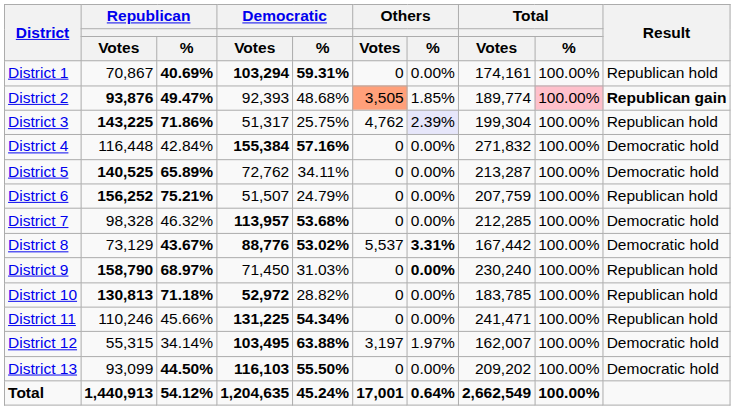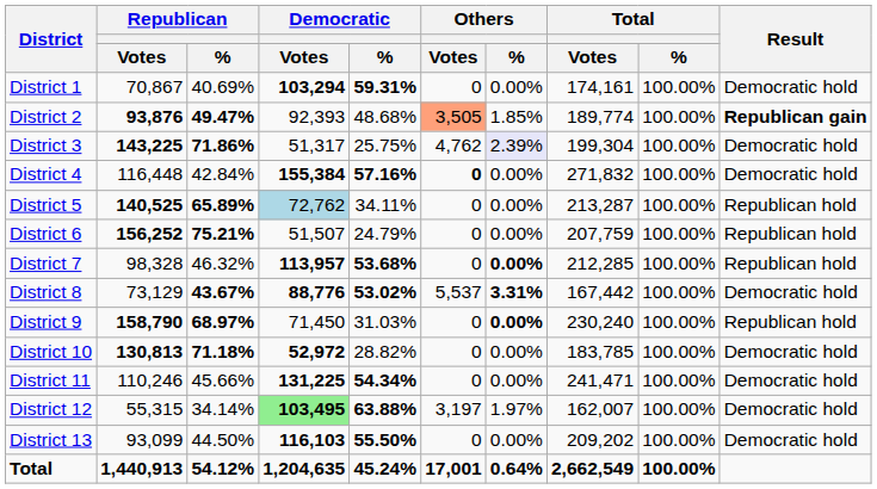 <table class="wikitable plainrowheaders sortable" style="font-size:100%; text-align:right;">
 <tr>
 <th scope=col rowspan=3><a href='#'>District</a></th>
 <th scope=col colspan=2><a href='#'>Republican</a></th>
 <th scope=col colspan=2><a href='#'>Democratic</a></th>
 <th scope=col colspan=2>Others</th>
 <th scope=col colspan=2>Total</th>
 <th scope=col rowspan=3>Result</th>
 </tr>
 <tr>
 <th scope=col colspan=2 style="background:"></th>
 <th scope=col colspan=2 style="background:"></th>
 <th scope=col colspan=2></th>
 <th scope=col colspan=2></th>
 </tr>
 <tr>
 <th scope=col data-sort-type="number">Votes</th>
 <th scope=col data-sort-type="number">%</th>
 <th scope=col data-sort-type="number">Votes</th>
 <th scope=col data-sort-type="number">%</th>
 <th scope=col data-sort-type="number">Votes</th>
 <th scope=col data-sort-type="number">%</th>
 <th scope=col data-sort-type="number">Votes</th>
 <th scope=col data-sort-type="number">%</th>
 </tr>
 <tr>
 <td align=left><a href='#'>District 1</a></td>
 <td>70,867</td>
-<td><strong>40.69%</strong></td>
+<td>40.69%</td>
 <td><strong>103,294</strong></td>
 <td><strong>59.31%</strong></td>
 <td>0</td>
 <td>0.00%</td>
 <td>174,161</td>
 <td>100.00%</td>
-<td align=left>Republican hold</td>
+<td align=left>Democratic hold</td>
 </tr>
 <tr>
 <td align=left><a href='#'>District 2</a></td>
 <td><strong>93,876</strong></td>
 <td><strong>49.47%</strong></td>
 <td>92,393</td>
 <td>48.68%</td>
 <td style="background: lightsalmon;">3,505</td>
 <td>1.85%</td>
 <td>189,774</td>
-<td style="background: pink;">100.00%</td>
+<td>100.00%</td>
 <td align=left><strong>Republican gain</strong></td>
 </tr>
 <tr>
 <td align=left><a href='#'>District 3</a></td>
 <td><strong>143,225</strong></td>
 <td><strong>71.86%</strong></td>
 <td>51,317</td>
 <td>25.75%</td>
 <td>4,762</td>
 <td style="background: lavender;">2.39%</td>
 <td>199,304</td>
 <td>100.00%</td>
-<td align=left>Republican hold</td>
+<td align=left>Democratic hold</td>
 </tr>
 <tr>
 <td align=left><a href='#'>District 4</a></td>
 <td>116,448</td>
 <td>42.84%</td>
 <td><strong>155,384</strong></td>
 <td><strong>57.16%</strong></td>
-<td>0</td>
+<td><strong>0</strong></td>
 <td>0.00%</td>
 <td>271,832</td>
 <td>100.00%</td>
 <td align=left>Democratic hold</td>
 </tr>
 <tr>
 <td align=left><a href='#'>District 5</a></td>
 <td><strong>140,525</strong></td>
 <td><strong>65.89%</strong></td>
-<td>72,762</td>
+<td style="background: lightblue;">72,762</td>
 <td>34.11%</td>
 <td>0</td>
 <td>0.00%</td>
 <td>213,287</td>
 <td>100.00%</td>
-<td align=left>Democratic hold</td>
+<td align=left>Republican hold</td>
 </tr>
 <tr>
 <td align=left><a href='#'>District 6</a></td>
 <td><strong>156,252</strong></td>
 <td><strong>75.21%</strong></td>
 <td>51,507</td>
 <td>24.79%</td>
 <td>0</td>
 <td>0.00%</td>
 <td>207,759</td>
 <td>100.00%</td>
 <td align=left>Republican hold</td>
 </tr>
 <tr>
 <td align=left><a href='#'>District 7</a></td>
 <td>98,328</td>
 <td>46.32%</td>
 <td><strong>113,957</strong></td>
 <td><strong>53.68%</strong></td>
 <td>0</td>
-<td>0.00%</td>
+<td><strong>0.00%</strong></td>
 <td>212,285</td>
 <td>100.00%</td>
-<td align=left>Democratic hold</td>
+<td align=left>Republican hold</td>
 </tr>
 <tr>
 <td align=left><a href='#'>District 8</a></td>
 <td>73,129</td>
 <td><strong>43.67%</strong></td>
 <td><strong>88,776</strong></td>
 <td><strong>53.02%</strong></td>
 <td>5,537</td>
 <td><strong>3.31%</strong></td>
 <td>167,442</td>
 <td>100.00%</td>
 <td align=left>Democratic hold</td>
 </tr>
 <tr>
 <td align=left><a href='#'>District 9</a></td>
 <td><strong>158,790</strong></td>
 <td><strong>68.97%</strong></td>
 <td>71,450</td>
 <td>31.03%</td>
 <td>0</td>
 <td><strong>0.00%</strong></td>
 <td>230,240</td>
 <td>100.00%</td>
 <td align=left>Republican hold</td>
 </tr>
 <tr>
 <td align=left><a href='#'>District 10</a></td>
 <td><strong>130,813</strong></td>
 <td><strong>71.18%</strong></td>
 <td><strong>52,972</strong></td>
 <td>28.82%</td>
 <td>0</td>
 <td>0.00%</td>
 <td>183,785</td>
 <td>100.00%</td>
-<td align=left>Republican hold</td>
+<td align=left>Democratic hold</td>
 </tr>
 <tr>
 <td align=left><a href='#'>District 11</a></td>
 <td>110,246</td>
 <td>45.66%</td>
 <td><strong>131,225</strong></td>
 <td><strong>54.34%</strong></td>
 <td>0</td>
 <td>0.00%</td>
 <td>241,471</td>
 <td>100.00%</td>
-<td align=left>Republican hold</td>
+<td align=left>Democratic hold</td>
 </tr>
 <tr>
 <td align=left><a href='#'>District 12</a></td>
 <td>55,315</td>
 <td>34.14%</td>
-<td><strong>103,495</strong></td>
+<td style="background: lightgreen;"><strong>103,495</strong></td>
 <td><strong>63.88%</strong></td>
 <td>3,197</td>
 <td>1.97%</td>
 <td>162,007</td>
 <td>100.00%</td>
 <td align=left>Democratic hold</td>
 </tr>
 <tr>
 <td align=left><a href='#'>District 13</a></td>
 <td>93,099</td>
-<td><strong>44.50%</strong></td>
+<td>44.50%</td>
 <td><strong>116,103</strong></td>
 <td><strong>55.50%</strong></td>
 <td>0</td>
 <td>0.00%</td>
 <td>209,202</td>
 <td>100.00%</td>
 <td align=left>Democratic hold</td>
 </tr>
 <tr class="sortbottom" style="font-weight:bold">
 <td align=left>Total</td>
 <td>1,440,913</td>
 <td>54.12%</td>
 <td>1,204,635</td>
 <td>45.24%</td>
 <td>17,001</td>
 <td>0.64%</td>
 <td>2,662,549</td>
 <td>100.00%</td>
 <td></td>
 </tr>
 </table>
